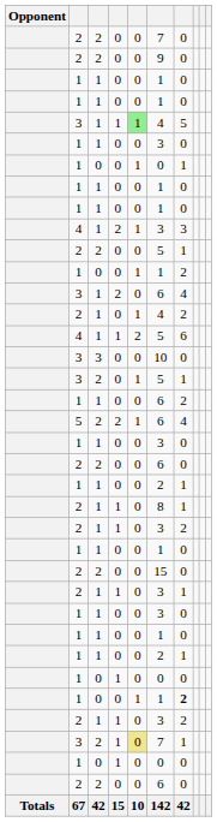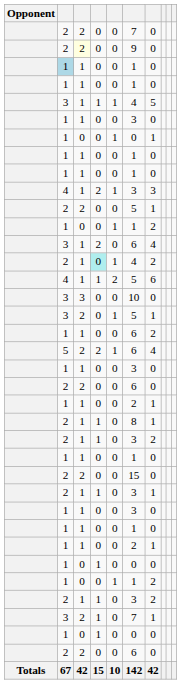 <table class="wikitable plainrowheaders sortable" style="text-align:center">
 <tr>
 <th scope=col>Opponent</th>
 <th scope=col></th>
 <th scope=col></th>
 <th scope=col></th>
 <th scope=col></th>
 <th scope=col></th>
 <th scope=col></th>
 <th scope=col></th>
 <th scope=col></th>
 <th scope=col></th>
 </tr>
 <tr>
 <th scope=row style="text-align:left;"></th>
 <td>2</td>
 <td>2</td>
 <td>0</td>
 <td>0</td>
 <td>7</td>
 <td>0</td>
 <td></td>
 <td></td>
 <td></td>
 </tr>
 <tr>
 <th scope=row style="text-align:left;"></th>
 <td>2</td>
-<td>2</td>
+<td style="background: lightyellow;">2</td>
 <td>0</td>
 <td>0</td>
 <td>9</td>
 <td>0</td>
 <td></td>
 <td></td>
 <td></td>
 </tr>
 <tr>
 <th scope=row style="text-align:left;"></th>
-<td>1</td>
+<td style="background: lightblue;">1</td>
 <td>1</td>
 <td>0</td>
 <td>0</td>
 <td>1</td>
 <td>0</td>
 <td></td>
 <td></td>
 <td></td>
 </tr>
 <tr>
 <th scope=row style="text-align:left;"></th>
 <td>1</td>
 <td>1</td>
 <td>0</td>
 <td>0</td>
 <td>1</td>
 <td>0</td>
 <td></td>
 <td></td>
 <td></td>
 </tr>
 <tr>
 <th scope=row style="text-align:left;"></th>
 <td>3</td>
 <td>1</td>
 <td>1</td>
-<td style="background: lightgreen;">1</td>
+<td>1</td>
 <td>4</td>
 <td>5</td>
 <td></td>
 <td></td>
 <td></td>
 </tr>
 <tr>
 <th scope=row style="text-align:left;"></th>
 <td>1</td>
 <td>1</td>
 <td>0</td>
 <td>0</td>
 <td>3</td>
 <td>0</td>
 <td></td>
 <td></td>
 <td></td>
 </tr>
 <tr>
 <th scope=row style="text-align:left;"></th>
 <td>1</td>
 <td>0</td>
 <td>0</td>
 <td>1</td>
 <td>0</td>
 <td>1</td>
 <td></td>
 <td></td>
 <td></td>
 </tr>
 <tr>
 <th scope=row style="text-align:left;"></th>
 <td>1</td>
 <td>1</td>
 <td>0</td>
 <td>0</td>
 <td>1</td>
 <td>0</td>
 <td></td>
 <td></td>
 <td></td>
 </tr>
 <tr>
 <th scope=row style="text-align:left;"></th>
 <td>1</td>
 <td>1</td>
 <td>0</td>
 <td>0</td>
 <td>1</td>
 <td>0</td>
 <td></td>
 <td></td>
 <td></td>
 </tr>
 <tr>
 <th scope=row style="text-align:left;"></th>
 <td>4</td>
 <td>1</td>
 <td>2</td>
 <td>1</td>
 <td>3</td>
 <td>3</td>
 <td></td>
 <td></td>
 <td></td>
 </tr>
 <tr>
 <th scope=row style="text-align:left;"></th>
 <td>2</td>
 <td>2</td>
 <td>0</td>
 <td>0</td>
 <td>5</td>
 <td>1</td>
 <td></td>
 <td></td>
 <td></td>
 </tr>
 <tr>
 <th scope=row style="text-align:left;"></th>
 <td>1</td>
 <td>0</td>
 <td>0</td>
 <td>1</td>
 <td>1</td>
 <td>2</td>
 <td></td>
 <td></td>
 <td></td>
 </tr>
 <tr>
 <th scope=row style="text-align:left;"></th>
 <td>3</td>
 <td>1</td>
 <td>2</td>
 <td>0</td>
 <td>6</td>
 <td>4</td>
 <td></td>
 <td></td>
 <td></td>
 </tr>
 <tr>
 <th scope=row style="text-align:left;"></th>
 <td>2</td>
 <td>1</td>
-<td>0</td>
+<td style="background: paleturquoise;">0</td>
 <td>1</td>
 <td>4</td>
 <td>2</td>
 <td></td>
 <td></td>
 <td></td>
 </tr>
 <tr>
 <th scope=row style="text-align:left;"></th>
 <td>4</td>
 <td>1</td>
 <td>1</td>
 <td>2</td>
 <td>5</td>
 <td>6</td>
 <td></td>
 <td></td>
 <td></td>
 </tr>
 <tr>
 <th scope=row style="text-align:left;"></th>
 <td>3</td>
 <td>3</td>
 <td>0</td>
 <td>0</td>
 <td>10</td>
 <td>0</td>
 <td></td>
 <td></td>
 <td></td>
 </tr>
 <tr>
 <th scope=row style="text-align:left;"></th>
 <td>3</td>
 <td>2</td>
 <td>0</td>
 <td>1</td>
 <td>5</td>
 <td>1</td>
 <td></td>
 <td></td>
 <td></td>
 </tr>
 <tr>
 <th scope=row style="text-align:left;"></th>
 <td>1</td>
 <td>1</td>
 <td>0</td>
 <td>0</td>
 <td>6</td>
 <td>2</td>
 <td></td>
 <td></td>
 <td></td>
 </tr>
 <tr>
 <th scope=row style="text-align:left;"></th>
 <td>5</td>
 <td>2</td>
 <td>2</td>
 <td>1</td>
 <td>6</td>
 <td>4</td>
 <td></td>
 <td></td>
 <td></td>
 </tr>
 <tr>
 <th scope=row style="text-align:left;"></th>
 <td>1</td>
 <td>1</td>
 <td>0</td>
 <td>0</td>
 <td>3</td>
 <td>0</td>
 <td></td>
 <td></td>
 <td></td>
 </tr>
 <tr>
 <th scope=row style="text-align:left;"></th>
 <td>2</td>
 <td>2</td>
 <td>0</td>
 <td>0</td>
 <td>6</td>
 <td>0</td>
 <td></td>
 <td></td>
 <td></td>
 </tr>
 <tr>
 <th scope=row style="text-align:left;"></th>
 <td>1</td>
 <td>1</td>
 <td>0</td>
 <td>0</td>
 <td>2</td>
 <td>1</td>
 <td></td>
 <td></td>
 <td></td>
 </tr>
 <tr>
 <th scope=row style="text-aling:left;"></th>
 <td>2</td>
 <td>1</td>
 <td>1</td>
 <td>0</td>
 <td>8</td>
 <td>1</td>
 <td></td>
 <td></td>
 <td></td>
 </tr>
 <tr>
 <th scope=row style="text-align:left;"></th>
 <td>2</td>
 <td>1</td>
 <td>1</td>
 <td>0</td>
 <td>3</td>
 <td>2</td>
 <td></td>
 <td></td>
 <td></td>
 </tr>
 <tr>
 <th scope=row style="text-align:left;"></th>
 <td>1</td>
 <td>1</td>
 <td>0</td>
 <td>0</td>
 <td>1</td>
 <td>0</td>
 <td></td>
 <td></td>
 <td></td>
 </tr>
 <tr>
 <th scope=row style="text-align:left;"></th>
 <td>2</td>
 <td>2</td>
 <td>0</td>
 <td>0</td>
 <td>15</td>
 <td>0</td>
 <td></td>
 <td></td>
 <td></td>
 </tr>
 <tr>
 <th scope=row style="text-align:left;"></th>
 <td>2</td>
 <td>1</td>
 <td>1</td>
 <td>0</td>
 <td>3</td>
 <td>1</td>
 <td></td>
 <td></td>
 <td></td>
 </tr>
 <tr>
 <th scope=row style="text-align:left;"></th>
 <td>1</td>
 <td>1</td>
 <td>0</td>
 <td>0</td>
 <td>3</td>
 <td>0</td>
 <td></td>
 <td></td>
 <td></td>
 </tr>
 <tr>
 <th scope=row style="text-align:left;"></th>
 <td>1</td>
 <td>1</td>
 <td>0</td>
 <td>0</td>
 <td>1</td>
 <td>0</td>
 <td></td>
 <td></td>
 <td></td>
 </tr>
 <tr>
 <th scope=row style="text-align:left;"></th>
 <td>1</td>
 <td>1</td>
 <td>0</td>
 <td>0</td>
 <td>2</td>
 <td>1</td>
 <td></td>
 <td></td>
 <td></td>
 </tr>
 <tr>
 <th scope=row style="text-align:left;"></th>
 <td>1</td>
 <td>0</td>
 <td>1</td>
 <td>0</td>
 <td>0</td>
 <td>0</td>
 <td></td>
 <td></td>
 <td></td>
 </tr>
 <tr>
 <th scope=row style="text-align:left;"></th>
 <td>1</td>
 <td>0</td>
 <td>0</td>
 <td>1</td>
 <td>1</td>
-<td><strong>2</strong></td>
+<td>2</td>
 <td></td>
 <td></td>
 <td></td>
 </tr>
 <tr>
 <th scope=row style="text-align:left;"></th>
 <td>2</td>
 <td>1</td>
 <td>1</td>
 <td>0</td>
 <td>3</td>
 <td>2</td>
 <td></td>
 <td></td>
 <td></td>
 </tr>
 <tr>
 <th scope=row style="text-align:left;"></th>
 <td>3</td>
 <td>2</td>
 <td>1</td>
-<td style="background: khaki;">0</td>
+<td>0</td>
 <td>7</td>
 <td>1</td>
 <td></td>
 <td></td>
 <td></td>
 </tr>
 <tr>
 <th scope=row style="text-align:left;"></th>
 <td>1</td>
 <td>0</td>
 <td>1</td>
 <td>0</td>
 <td>0</td>
 <td>0</td>
 <td></td>
 <td></td>
 <td></td>
 </tr>
 <tr>
 <th scope=row style="text-align:left;"></th>
 <td>2</td>
 <td>2</td>
 <td>0</td>
 <td>0</td>
 <td>6</td>
 <td>0</td>
 <td></td>
 <td></td>
 <td></td>
 </tr>
 <tr class="sortbottom">
 <th>Totals</th>
 <th>67</th>
 <th>42</th>
 <th>15</th>
 <th>10</th>
 <th>142</th>
 <th>42</th>
 <th></th>
 <th></th>
 <th></th>
 </tr>
 </table>
